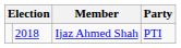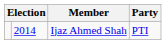 <table class="wikitable">
 <tr>
 <th colspan="2">Election</th>
 <th>Member</th>
 <th>Party</th>
 </tr>
 <tr>
 <td style="background-color: "></td>
-<td><a href='#'>2018</a></td>
+<td><a href='#'>2014</a></td>
 <td><a href='#'>Ijaz Ahmed Shah</a></td>
 <td><a href='#'>PTI</a></td>
 </tr>
 </table>
